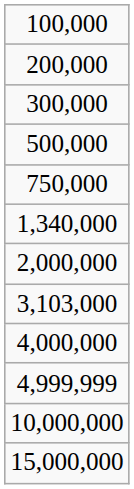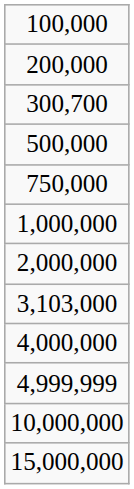 <table class="wikitable" style="text-align:center">
 <tr>
 <td>100,000</td>
 </tr>
 <tr>
 <td>200,000</td>
 </tr>
 <tr>
-<td>300,000</td>
+<td>300,700</td>
 </tr>
 <tr>
 <td>500,000</td>
 </tr>
 <tr>
 <td>750,000</td>
 </tr>
 <tr>
-<td>1,340,000</td>
+<td>1,000,000</td>
 </tr>
 <tr>
 <td>2,000,000</td>
 </tr>
 <tr>
 <td>3,103,000</td>
 </tr>
 <tr>
 <td>4,000,000</td>
 </tr>
 <tr>
 <td>4,999,999</td>
 </tr>
 <tr>
 <td>10,000,000</td>
 </tr>
 <tr>
 <td>15,000,000</td>
 </tr>
 </table>
